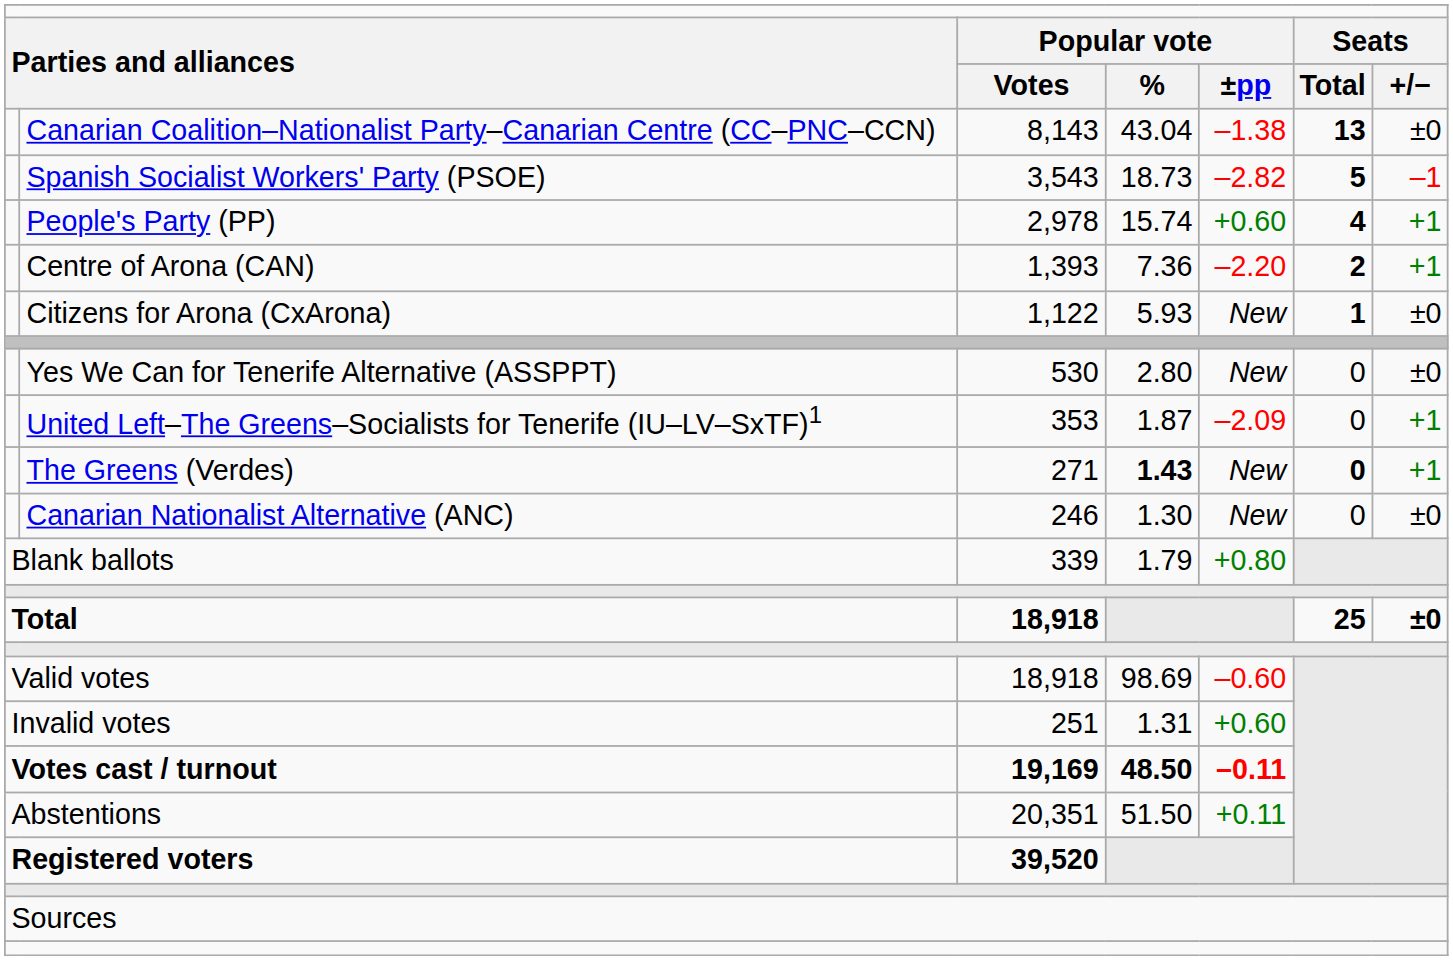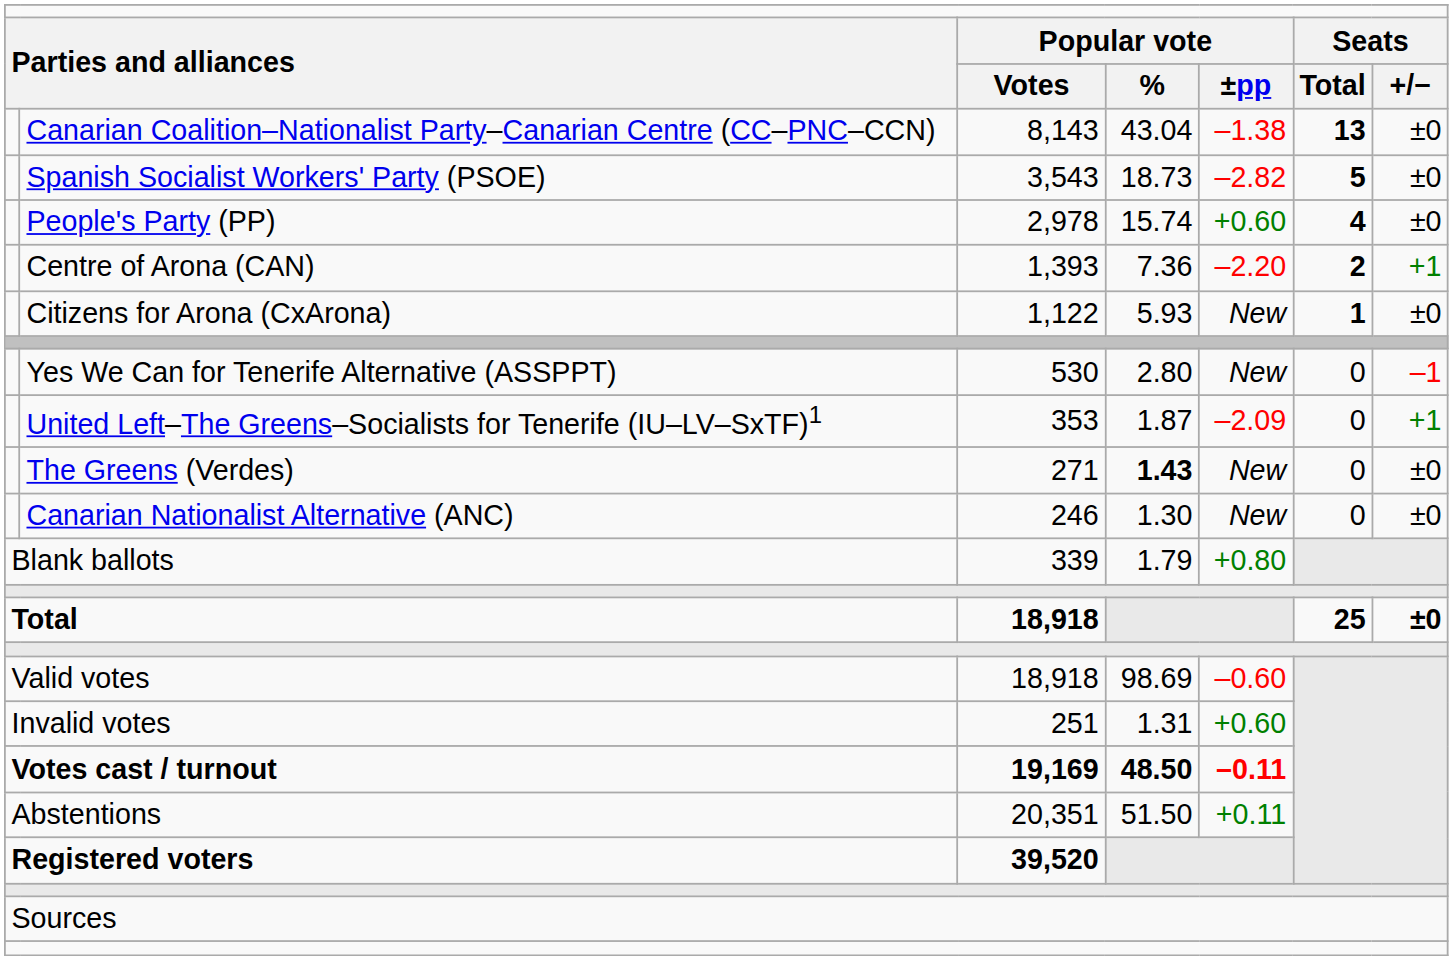 <table class="wikitable" style="text-align:right;">
 <tr>
 <td colspan="7"></td>
 </tr>
 <tr>
 <th style="text-align:left;" rowspan="2" colspan="2" width="525">Parties and alliances</th>
 <th colspan="3">Popular vote</th>
 <th colspan="2">Seats</th>
 </tr>
 <tr>
 <th width="75">Votes</th>
 <th width="45">%</th>
 <th width="45">±<a href='#'>pp</a></th>
 <th width="35">Total</th>
 <th width="35">+/−</th>
 </tr>
 <tr>
 <td width="1" style="color:inherit;background:"></td>
 <td align="left"><a href='#'>Canarian Coalition–Nationalist Party</a>–<a href='#'>Canarian Centre</a> (<a href='#'>CC</a>–<a href='#'>PNC</a>–CCN)</td>
 <td>8,143</td>
 <td>43.04</td>
 <td style="color:red;">–1.38</td>
 <td><strong>13</strong></td>
 <td>±0</td>
 </tr>
 <tr>
 <td style="color:inherit;background:"></td>
 <td align="left"><a href='#'>Spanish Socialist Workers' Party</a> (PSOE)</td>
 <td>3,543</td>
 <td>18.73</td>
 <td style="color:red;">–2.82</td>
 <td><strong>5</strong></td>
-<td style="color:red;">–1</td>
+<td>±0</td>
 </tr>
 <tr>
 <td style="color:inherit;background:"></td>
 <td align="left"><a href='#'>People's Party</a> (PP)</td>
 <td>2,978</td>
 <td>15.74</td>
 <td style="color:green;">+0.60</td>
 <td><strong>4</strong></td>
-<td style="color:green;">+1</td>
+<td>±0</td>
 </tr>
 <tr>
 <td style="color:inherit;background:"></td>
 <td align="left">Centre of Arona (CAN)</td>
 <td>1,393</td>
 <td>7.36</td>
 <td style="color:red;">–2.20</td>
 <td><strong>2</strong></td>
 <td style="color:green;">+1</td>
 </tr>
 <tr>
 <td style="color:inherit;background:"></td>
 <td align="left">Citizens for Arona (CxArona)</td>
 <td>1,122</td>
 <td>5.93</td>
 <td><em>New</em></td>
 <td><strong>1</strong></td>
 <td>±0</td>
 </tr>
 <tr>
 <td colspan="7" bgcolor="#C0C0C0"></td>
 </tr>
 <tr>
 <td style="color:inherit;background:"></td>
 <td align="left">Yes We Can for Tenerife Alternative (ASSPPT)</td>
 <td>530</td>
 <td>2.80</td>
 <td><em>New</em></td>
 <td>0</td>
-<td>±0</td>
+<td style="color:red;">–1</td>
 </tr>
 <tr>
 <td style="color:inherit;background:"></td>
 <td align="left"><a href='#'>United Left</a>–<a href='#'>The Greens</a>–Socialists for Tenerife (IU–LV–SxTF)<sup>1</sup></td>
 <td>353</td>
 <td>1.87</td>
 <td style="color:red;">–2.09</td>
 <td>0</td>
 <td style="color:green;">+1</td>
 </tr>
 <tr>
 <td style="color:inherit;background:"></td>
 <td align="left"><a href='#'>The Greens</a> (Verdes)</td>
 <td>271</td>
 <td><strong>1.43</strong></td>
 <td><em>New</em></td>
-<td><strong>0</strong></td>
-<td style="color:green;">+1</td>
+<td>0</td>
+<td>±0</td>
 </tr>
 <tr>
 <td style="color:inherit;background:"></td>
 <td align="left"><a href='#'>Canarian Nationalist Alternative</a> (ANC)</td>
 <td>246</td>
 <td>1.30</td>
 <td><em>New</em></td>
 <td>0</td>
 <td>±0</td>
 </tr>
 <tr>
 <td align="left" colspan="2">Blank ballots</td>
 <td>339</td>
 <td>1.79</td>
 <td style="color:green;">+0.80</td>
 <td bgcolor="#E9E9E9" colspan="2"></td>
 </tr>
 <tr>
 <td colspan="7" bgcolor="#E9E9E9"></td>
 </tr>
 <tr style="font-weight:bold;">
 <td align="left" colspan="2">Total</td>
 <td>18,918</td>
 <td bgcolor="#E9E9E9" colspan="2"></td>
 <td>25</td>
 <td>±0</td>
 </tr>
 <tr>
 <td colspan="7" bgcolor="#E9E9E9"></td>
 </tr>
 <tr>
 <td align="left" colspan="2">Valid votes</td>
 <td>18,918</td>
 <td>98.69</td>
 <td style="color:red;">–0.60</td>
 <td bgcolor="#E9E9E9" colspan="2" rowspan="5"></td>
 </tr>
 <tr>
 <td align="left" colspan="2">Invalid votes</td>
 <td>251</td>
 <td>1.31</td>
 <td style="color:green;">+0.60</td>
 </tr>
 <tr style="font-weight:bold;">
 <td align="left" colspan="2">Votes cast / turnout</td>
 <td>19,169</td>
 <td>48.50</td>
 <td style="color:red;">–0.11</td>
 </tr>
 <tr>
 <td align="left" colspan="2">Abstentions</td>
 <td>20,351</td>
 <td>51.50</td>
 <td style="color:green;">+0.11</td>
 </tr>
 <tr style="font-weight:bold;">
 <td align="left" colspan="2">Registered voters</td>
 <td>39,520</td>
 <td bgcolor="#E9E9E9" colspan="2"></td>
 </tr>
 <tr>
 <td colspan="7" bgcolor="#E9E9E9"></td>
 </tr>
 <tr>
 <td align="left" colspan="7">Sources</td>
 </tr>
 <tr>
 <td colspan="7" style="text-align:left; max-width:790px;"></td>
 </tr>
 </table>
